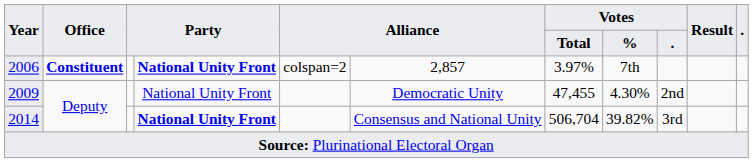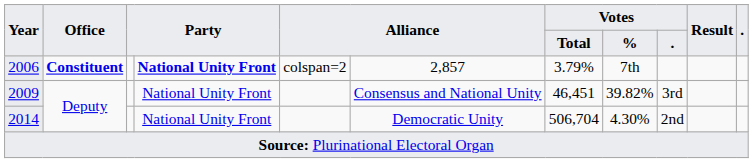 <table class="wikitable" style="font-size:90%; text-align:center;">
 <tr>
 <th style="background-color:#EAECF0;" rowspan=2>Year</th>
 <th style="background-color:#EAECF0;" rowspan=2>Office</th>
 <th style="background-color:#EAECF0;" colspan=2 rowspan=2>Party</th>
 <th style="background-color:#EAECF0;" colspan=2 rowspan=2>Alliance</th>
 <th style="background-color:#EAECF0;" colspan=3>Votes</th>
 <th style="background-color:#EAECF0;" rowspan=2>Result</th>
 <th style="background-color:#EAECF0;" rowspan=2>.</th>
 </tr>
 <tr>
 <th style="background-color:#EAECF0;">Total</th>
 <th style="background-color:#EAECF0;">%</th>
 <th style="background-color:#EAECF0;">.</th>
 </tr>
 <tr>
 <td style="background-color:#EAECF0;"><a href='#'>2006</a></td>
 <td><strong><a href='#'>Constituent</a></strong></td>
 <td style="background-color:"></td>
 <td><strong><a href='#'>National Unity Front</a></strong></td>
 <td>colspan=2 </td>
 <td>2,857</td>
-<td>3.97%</td>
+<td>3.79%</td>
 <td>7th</td>
 <td></td>
 <td></td>
 </tr>
 <tr>
 <td style="background-color:#EAECF0;"><a href='#'>2009</a></td>
 <td rowspan=2><a href='#'>Deputy</a></td>
 <td style="background-color:"></td>
 <td><a href='#'>National Unity Front</a></td>
 <td style="background-color:"></td>
-<td><a href='#'>Democratic Unity</a></td>
-<td>47,455</td>
-<td>4.30%</td>
-<td>2nd</td>
+<td><a href='#'>Consensus and National Unity</a></td>
+<td>46,451</td>
+<td>39.82%</td>
+<td>3rd</td>
 <td></td>
 <td></td>
 </tr>
 <tr>
 <td style="background-color:#EAECF0;"><a href='#'>2014</a></td>
 <td style="background-color:"></td>
-<td><strong><a href='#'>National Unity Front</a></strong></td>
+<td><a href='#'>National Unity Front</a></td>
 <td style="background-color:"></td>
-<td><a href='#'>Consensus and National Unity</a></td>
+<td><a href='#'>Democratic Unity</a></td>
 <td>506,704</td>
-<td>39.82%</td>
-<td>3rd</td>
+<td>4.30%</td>
+<td>2nd</td>
 <td></td>
 <td></td>
 </tr>
 <tr>
 <td style="background-color:#EAECF0;" colspan=11><strong>Source:</strong> <a href='#'>Plurinational Electoral Organ</a>  </td>
 </tr>
 </table>
